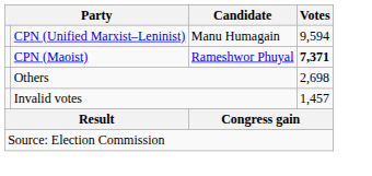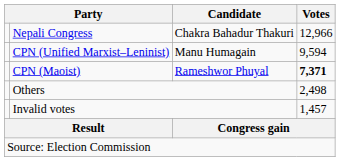 <table class="wikitable">
 <tr>
 <th colspan="2">Party</th>
 <th>Candidate</th>
 <th>Votes</th>
+</tr>
+<tr>
+<td style="background-color:"></td>
+<td><a href='#'>Nepali Congress</a></td>
+<td>Chakra Bahadur Thakuri</td>
+<td>12,966</td>
 </tr>
 <tr>
 <td style="background-color:"></td>
 <td><a href='#'>CPN (Unified Marxist–Leninist)</a></td>
 <td>Manu Humagain</td>
 <td>9,594</td>
 </tr>
 <tr>
 <td style="background-color:"></td>
 <td><a href='#'>CPN (Maoist)</a></td>
 <td><a href='#'>Rameshwor Phuyal</a></td>
 <td><strong>7,371</strong></td>
 </tr>
 <tr>
 <td></td>
 <td colspan="2">Others</td>
-<td>2,698</td>
+<td>2,498</td>
 </tr>
 <tr>
 <td></td>
 <td colspan="2">Invalid votes</td>
 <td>1,457</td>
 </tr>
 <tr>
 <th colspan="2">Result</th>
 <th colspan="2">Congress gain</th>
 </tr>
 <tr>
 <td colspan="4">Source: Election Commission</td>
 </tr>
 </table>
